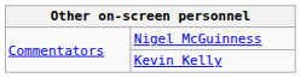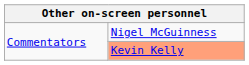 <table align="right" class="wikitable" style="border:1px; font-size:90%; margin-left:1em;">
 <tr>
 <th colspan="2" width="250"><strong>Other on-screen personnel</strong></th>
 </tr>
 <tr>
 <td rowspan=2><a href='#'>Commentators</a></td>
 <td><a href='#'>Nigel McGuinness</a></td>
 </tr>
 <tr>
-<td><a href='#'>Kevin Kelly</a></td>
+<td style="background: lightsalmon;"><a href='#'>Kevin Kelly</a></td>
 </tr>
 </table>
